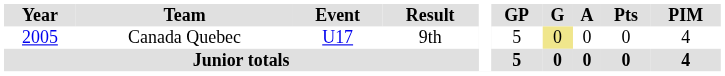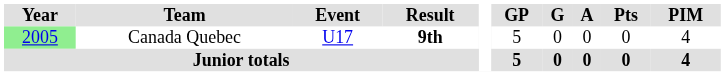 <table border="0" cellpadding="1" cellspacing="0" style="text-align:center; width:40em">
 <tr ALIGN="centre" bgcolor="#e0e0e0">
 <th>Year</th>
 <th>Team</th>
 <th>Event</th>
 <th>Result</th>
 <th rowspan="99" bgcolor="#ffffff"> </th>
 <th>GP</th>
 <th>G</th>
 <th>A</th>
 <th>Pts</th>
 <th>PIM</th>
 </tr>
 <tr>
-<td><a href='#'>2005</a></td>
+<td style="background: lightgreen;"><a href='#'>2005</a></td>
 <td>Canada Quebec</td>
 <td><a href='#'>U17</a></td>
-<td>9th</td>
+<td><strong>9th</strong></td>
 <td>5</td>
-<td style="background: khaki;">0</td>
+<td>0</td>
 <td>0</td>
 <td>0</td>
 <td>4</td>
 </tr>
 <tr bgcolor="#e0e0e0">
 <th colspan="4">Junior totals</th>
 <th>5</th>
 <th>0</th>
 <th>0</th>
 <th>0</th>
 <th>4</th>
 </tr>
 </table>
